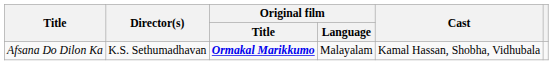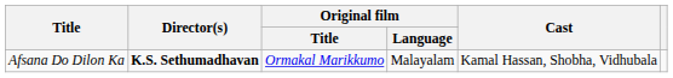 <table class="wikitable sortable">
 <tr>
 <th scope="col" rowspan="2">Title</th>
 <th scope="col" rowspan="2">Director(s)</th>
 <th scope="col" colspan="2">Original film</th>
 <th scope="col" rowspan="2">Cast</th>
 <th scope="col" rowspan="2" class="unsortable"></th>
 </tr>
 <tr>
 <th scope="col">Title</th>
 <th scope="col">Language</th>
 </tr>
 <tr>
 <td><em>Afsana Do Dilon Ka</em></td>
-<td>K.S. Sethumadhavan</td>
-<td><strong><em><a href='#'>Ormakal Marikkumo</a></em></strong></td>
+<td><strong>K.S. Sethumadhavan</strong></td>
+<td><em><a href='#'>Ormakal Marikkumo</a></em></td>
 <td>Malayalam</td>
 <td>Kamal Hassan, Shobha, Vidhubala</td>
 <td></td>
 </tr>
 </table>
